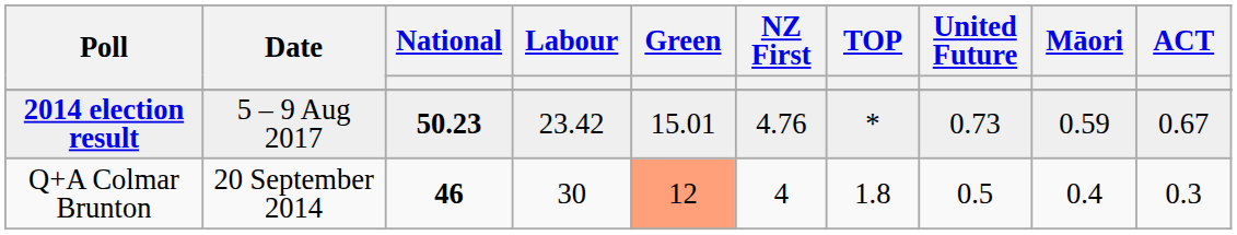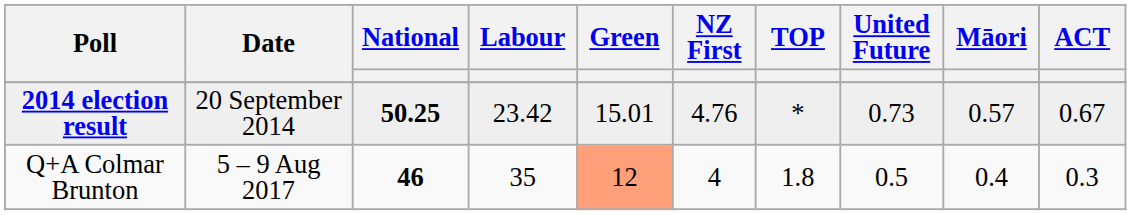 <table class="wikitable" style="font-size:90%; line-height:14px; text-align:center">
 <tr>
 <th style="width:240px;" rowspan="2">Poll</th>
 <th style="width:160px;" rowspan="2">Date </th>
 <th style="width:70px;" r bgcolor=><a href='#'>National</a></th>
 <th style="width:70px;" r bgcolor=><a href='#'>Labour</a></th>
 <th style="width:70px;" r bgcolor=><a href='#'>Green</a></th>
 <th style="width:70px;" r bgcolor=><a href='#'>NZ First</a></th>
 <th style="width:70px;" r bgcolor=><a href='#'>TOP</a></th>
 <th style="width:75px;" r bgcolor=><a href='#'>United Future</a></th>
 <th style="width:70px;" r bgcolor=><a href='#'>Māori</a></th>
 <th style="width:70px;" r bgcolor=><a href='#'>ACT</a></th>
 </tr>
 <tr>
 <th class="unsortable" style="color:inherit;background:"></th>
 <th class="unsortable" style="color:inherit;background:"></th>
 <th class="unsortable" style="color:inherit;background:"></th>
 <th class="unsortable" style="color:inherit;background:"></th>
 <th class="unsortable" style="color:inherit;background:"></th>
 <th class="unsortable" style="color:inherit;background:"></th>
 <th class="unsortable" style="color:inherit;background:"></th>
 <th class="unsortable" style="color:inherit;background:"></th>
 </tr>
 <tr>
 </tr>
 <tr style="background:#EFEFEF; font-weight:italic;">
 <td><strong><a href='#'>2014 election result</a></strong></td>
-<td>5 – 9 Aug 2017</td>
-<td><strong>50.23</strong></td>
+<td>20 September 2014</td>
+<td><strong>50.25</strong></td>
 <td>23.42</td>
 <td>15.01</td>
 <td>4.76</td>
 <td>*</td>
 <td>0.73</td>
-<td>0.59</td>
+<td>0.57</td>
 <td>0.67</td>
 </tr>
 <tr>
 <td>Q+A Colmar Brunton</td>
-<td>20 September 2014</td>
+<td>5 – 9 Aug 2017</td>
 <td><strong>46</strong></td>
-<td>30</td>
+<td>35</td>
 <td style="background: lightsalmon;">12</td>
 <td>4</td>
 <td>1.8</td>
 <td>0.5</td>
 <td>0.4</td>
 <td>0.3</td>
 </tr>
 </table>
